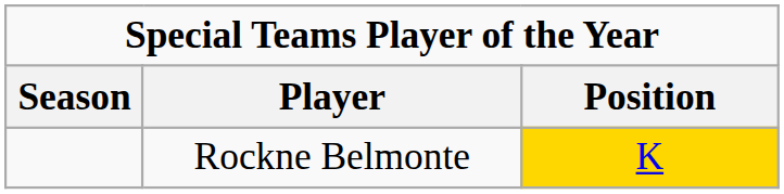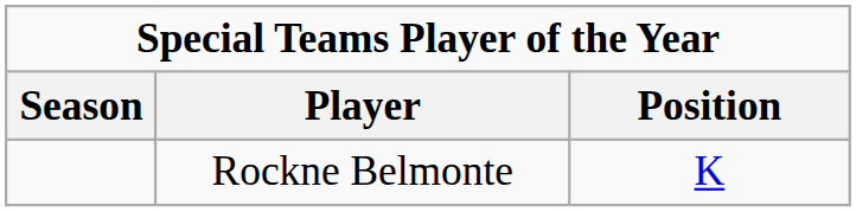 <table class="wikitable sortable" style="text-align:center">
 <tr>
 <td colspan="4"><strong>Special Teams Player of the Year</strong></td>
 </tr>
 <tr>
 <th style="width:50px; ">Season</th>
 <th style="width:150px; ">Player</th>
 <th style="width:100px; ">Position</th>
 </tr>
 <tr>
 <td></td>
 <td>Rockne Belmonte</td>
-<td style="background: gold;"><a href='#'>K</a></td>
+<td><a href='#'>K</a></td>
 </tr>
 </table>
